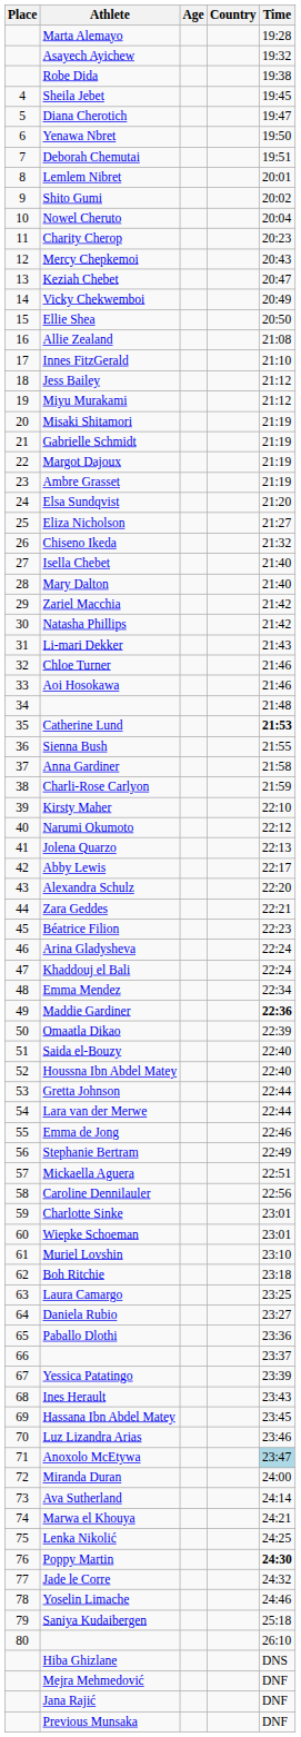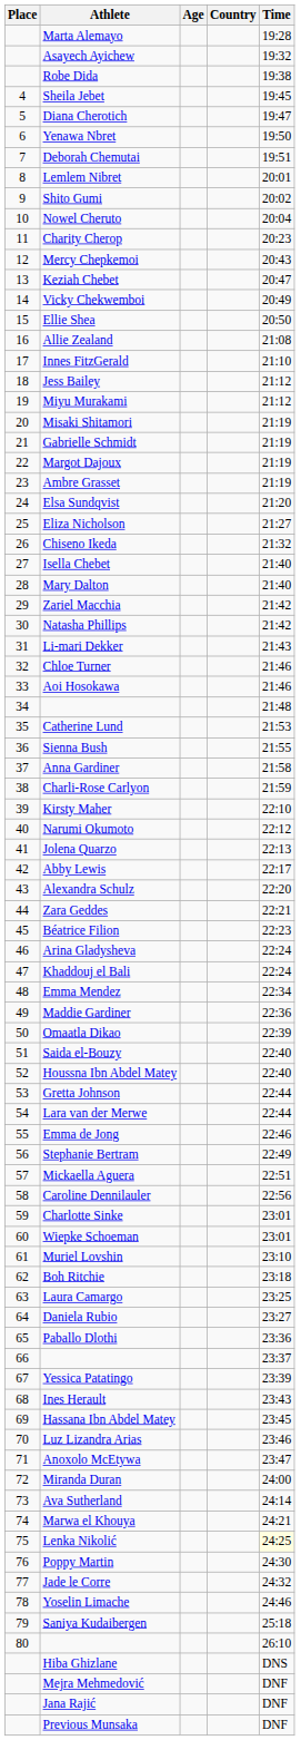 <table class="wikitable mw-datatable sortable">
 <tr>
 <th>Place</th>
 <th>Athlete</th>
 <th>Age</th>
 <th>Country</th>
 <th>Time</th>
 </tr>
 <tr>
 <td align=center></td>
 <td><a href='#'>Marta Alemayo</a></td>
 <td></td>
 <td></td>
 <td>19:28</td>
 </tr>
 <tr>
 <td align=center></td>
 <td><a href='#'>Asayech Ayichew</a></td>
 <td></td>
 <td></td>
 <td>19:32</td>
 </tr>
 <tr>
 <td align=center></td>
 <td><a href='#'>Robe Dida</a></td>
 <td></td>
 <td></td>
 <td>19:38</td>
 </tr>
 <tr>
 <td align=center>4</td>
 <td><a href='#'>Sheila Jebet</a></td>
 <td></td>
 <td></td>
 <td>19:45</td>
 </tr>
 <tr>
 <td align=center>5</td>
 <td><a href='#'>Diana Cherotich</a></td>
 <td></td>
 <td></td>
 <td>19:47</td>
 </tr>
 <tr>
 <td align=center>6</td>
 <td><a href='#'>Yenawa Nbret</a></td>
 <td></td>
 <td></td>
 <td>19:50</td>
 </tr>
 <tr>
 <td align=center>7</td>
 <td><a href='#'>Deborah Chemutai</a></td>
 <td></td>
 <td></td>
 <td>19:51</td>
 </tr>
 <tr>
 <td align=center>8</td>
 <td><a href='#'>Lemlem Nibret</a></td>
 <td></td>
 <td></td>
 <td>20:01</td>
 </tr>
 <tr>
 <td align=center>9</td>
 <td><a href='#'>Shito Gumi</a></td>
 <td></td>
 <td></td>
 <td>20:02</td>
 </tr>
 <tr>
 <td align=center>10</td>
 <td><a href='#'>Nowel Cheruto</a></td>
 <td></td>
 <td></td>
 <td>20:04</td>
 </tr>
 <tr>
 <td align=center>11</td>
 <td><a href='#'>Charity Cherop</a></td>
 <td></td>
 <td></td>
 <td>20:23</td>
 </tr>
 <tr>
 <td align=center>12</td>
 <td><a href='#'>Mercy Chepkemoi</a></td>
 <td></td>
 <td></td>
 <td>20:43</td>
 </tr>
 <tr>
 <td align=center>13</td>
 <td><a href='#'>Keziah Chebet</a></td>
 <td></td>
 <td></td>
 <td>20:47</td>
 </tr>
 <tr>
 <td align=center>14</td>
 <td><a href='#'>Vicky Chekwemboi</a></td>
 <td></td>
 <td></td>
 <td>20:49</td>
 </tr>
 <tr>
 <td align=center>15</td>
 <td><a href='#'>Ellie Shea</a></td>
 <td></td>
 <td></td>
 <td>20:50</td>
 </tr>
 <tr>
 <td align=center>16</td>
 <td><a href='#'>Allie Zealand</a></td>
 <td></td>
 <td></td>
 <td>21:08</td>
 </tr>
 <tr>
 <td align=center>17</td>
 <td><a href='#'>Innes FitzGerald</a></td>
 <td></td>
 <td></td>
 <td>21:10</td>
 </tr>
 <tr>
 <td align=center>18</td>
 <td><a href='#'>Jess Bailey</a></td>
 <td></td>
 <td></td>
 <td>21:12</td>
 </tr>
 <tr>
 <td align=center>19</td>
 <td><a href='#'>Miyu Murakami</a></td>
 <td></td>
 <td></td>
 <td>21:12</td>
 </tr>
 <tr>
 <td align=center>20</td>
 <td><a href='#'>Misaki Shitamori</a></td>
 <td></td>
 <td></td>
 <td>21:19</td>
 </tr>
 <tr>
 <td align=center>21</td>
 <td><a href='#'>Gabrielle Schmidt</a></td>
 <td></td>
 <td></td>
 <td>21:19</td>
 </tr>
 <tr>
 <td align=center>22</td>
 <td><a href='#'>Margot Dajoux</a></td>
 <td></td>
 <td></td>
 <td>21:19</td>
 </tr>
 <tr>
 <td align=center>23</td>
 <td><a href='#'>Ambre Grasset</a></td>
 <td></td>
 <td></td>
 <td>21:19</td>
 </tr>
 <tr>
 <td align=center>24</td>
 <td><a href='#'>Elsa Sundqvist</a></td>
 <td></td>
 <td></td>
 <td>21:20</td>
 </tr>
 <tr>
 <td align=center>25</td>
 <td><a href='#'>Eliza Nicholson</a></td>
 <td></td>
 <td></td>
 <td>21:27</td>
 </tr>
 <tr>
 <td align=center>26</td>
 <td><a href='#'>Chiseno Ikeda</a></td>
 <td></td>
 <td></td>
 <td>21:32</td>
 </tr>
 <tr>
 <td align=center>27</td>
 <td><a href='#'>Isella Chebet</a></td>
 <td></td>
 <td></td>
 <td>21:40</td>
 </tr>
 <tr>
 <td align=center>28</td>
 <td><a href='#'>Mary Dalton</a></td>
 <td></td>
 <td></td>
 <td>21:40</td>
 </tr>
 <tr>
 <td align=center>29</td>
 <td><a href='#'>Zariel Macchia</a></td>
 <td></td>
 <td></td>
 <td>21:42</td>
 </tr>
 <tr>
 <td align=center>30</td>
 <td><a href='#'>Natasha Phillips</a></td>
 <td></td>
 <td></td>
 <td>21:42</td>
 </tr>
 <tr>
 <td align=center>31</td>
 <td><a href='#'>Li-mari Dekker</a></td>
 <td></td>
 <td></td>
 <td>21:43</td>
 </tr>
 <tr>
 <td align=center>32</td>
 <td><a href='#'>Chloe Turner</a></td>
 <td></td>
 <td></td>
 <td>21:46</td>
 </tr>
 <tr>
 <td align=center>33</td>
 <td><a href='#'>Aoi Hosokawa</a></td>
 <td></td>
 <td></td>
 <td>21:46</td>
 </tr>
 <tr>
 <td align=center>34</td>
 <td></td>
 <td></td>
 <td></td>
 <td>21:48</td>
 </tr>
 <tr>
 <td align=center>35</td>
 <td><a href='#'>Catherine Lund</a></td>
 <td></td>
 <td></td>
-<td><strong>21:53</strong></td>
+<td>21:53</td>
 </tr>
 <tr>
 <td align=center>36</td>
 <td><a href='#'>Sienna Bush</a></td>
 <td></td>
 <td></td>
 <td>21:55</td>
 </tr>
 <tr>
 <td align=center>37</td>
 <td><a href='#'>Anna Gardiner</a></td>
 <td></td>
 <td></td>
 <td>21:58</td>
 </tr>
 <tr>
 <td align=center>38</td>
 <td><a href='#'>Charli-Rose Carlyon</a></td>
 <td></td>
 <td></td>
 <td>21:59</td>
 </tr>
 <tr>
 <td align=center>39</td>
 <td><a href='#'>Kirsty Maher</a></td>
 <td></td>
 <td></td>
 <td>22:10</td>
 </tr>
 <tr>
 <td align=center>40</td>
 <td><a href='#'>Narumi Okumoto</a></td>
 <td></td>
 <td></td>
 <td>22:12</td>
 </tr>
 <tr>
 <td align=center>41</td>
 <td><a href='#'>Jolena Quarzo</a></td>
 <td></td>
 <td></td>
 <td>22:13</td>
 </tr>
 <tr>
 <td align=center>42</td>
 <td><a href='#'>Abby Lewis</a></td>
 <td></td>
 <td></td>
 <td>22:17</td>
 </tr>
 <tr>
 <td align=center>43</td>
 <td><a href='#'>Alexandra Schulz</a></td>
 <td></td>
 <td></td>
 <td>22:20</td>
 </tr>
 <tr>
 <td align=center>44</td>
 <td><a href='#'>Zara Geddes</a></td>
 <td></td>
 <td></td>
 <td>22:21</td>
 </tr>
 <tr>
 <td align=center>45</td>
 <td><a href='#'>Béatrice Filion</a></td>
 <td></td>
 <td></td>
 <td>22:23</td>
 </tr>
 <tr>
 <td align=center>46</td>
 <td><a href='#'>Arina Gladysheva</a></td>
 <td></td>
 <td></td>
 <td>22:24</td>
 </tr>
 <tr>
 <td align=center>47</td>
 <td><a href='#'>Khaddouj el Bali</a></td>
 <td></td>
 <td></td>
 <td>22:24</td>
 </tr>
 <tr>
 <td align=center>48</td>
 <td><a href='#'>Emma Mendez</a></td>
 <td></td>
 <td></td>
 <td>22:34</td>
 </tr>
 <tr>
 <td align=center>49</td>
 <td><a href='#'>Maddie Gardiner</a></td>
 <td></td>
 <td></td>
-<td><strong>22:36</strong></td>
+<td>22:36</td>
 </tr>
 <tr>
 <td align=center>50</td>
 <td><a href='#'>Omaatla Dikao</a></td>
 <td></td>
 <td></td>
 <td>22:39</td>
 </tr>
 <tr>
 <td align=center>51</td>
 <td><a href='#'>Saida el-Bouzy</a></td>
 <td></td>
 <td></td>
 <td>22:40</td>
 </tr>
 <tr>
 <td align=center>52</td>
 <td><a href='#'>Houssna Ibn Abdel Matey</a></td>
 <td></td>
 <td></td>
 <td>22:40</td>
 </tr>
 <tr>
 <td align=center>53</td>
 <td><a href='#'>Gretta Johnson</a></td>
 <td></td>
 <td></td>
 <td>22:44</td>
 </tr>
 <tr>
 <td align=center>54</td>
 <td><a href='#'>Lara van der Merwe</a></td>
 <td></td>
 <td></td>
 <td>22:44</td>
 </tr>
 <tr>
 <td align=center>55</td>
 <td><a href='#'>Emma de Jong</a></td>
 <td></td>
 <td></td>
 <td>22:46</td>
 </tr>
 <tr>
 <td align=center>56</td>
 <td><a href='#'>Stephanie Bertram</a></td>
 <td></td>
 <td></td>
 <td>22:49</td>
 </tr>
 <tr>
 <td align=center>57</td>
 <td><a href='#'>Mickaella Aguera</a></td>
 <td></td>
 <td></td>
 <td>22:51</td>
 </tr>
 <tr>
 <td align=center>58</td>
 <td><a href='#'>Caroline Dennilauler</a></td>
 <td></td>
 <td></td>
 <td>22:56</td>
 </tr>
 <tr>
 <td align=center>59</td>
 <td><a href='#'>Charlotte Sinke</a></td>
 <td></td>
 <td></td>
 <td>23:01</td>
 </tr>
 <tr>
 <td align=center>60</td>
 <td><a href='#'>Wiepke Schoeman</a></td>
 <td></td>
 <td></td>
 <td>23:01</td>
 </tr>
 <tr>
 <td align=center>61</td>
 <td><a href='#'>Muriel Lovshin</a></td>
 <td></td>
 <td></td>
 <td>23:10</td>
 </tr>
 <tr>
 <td align=center>62</td>
 <td><a href='#'>Boh Ritchie</a></td>
 <td></td>
 <td></td>
 <td>23:18</td>
 </tr>
 <tr>
 <td align=center>63</td>
 <td><a href='#'>Laura Camargo</a></td>
 <td></td>
 <td></td>
 <td>23:25</td>
 </tr>
 <tr>
 <td align=center>64</td>
 <td><a href='#'>Daniela Rubio</a></td>
 <td></td>
 <td></td>
 <td>23:27</td>
 </tr>
 <tr>
 <td align=center>65</td>
 <td><a href='#'>Paballo Dlothi</a></td>
 <td></td>
 <td></td>
 <td>23:36</td>
 </tr>
 <tr>
 <td align=center>66</td>
 <td></td>
 <td></td>
 <td></td>
 <td>23:37</td>
 </tr>
 <tr>
 <td align=center>67</td>
 <td><a href='#'>Yessica Patatingo</a></td>
 <td></td>
 <td></td>
 <td>23:39</td>
 </tr>
 <tr>
 <td align=center>68</td>
 <td><a href='#'>Ines Herault</a></td>
 <td></td>
 <td></td>
 <td>23:43</td>
 </tr>
 <tr>
 <td align=center>69</td>
 <td><a href='#'>Hassana Ibn Abdel Matey</a></td>
 <td></td>
 <td></td>
 <td>23:45</td>
 </tr>
 <tr>
 <td align=center>70</td>
 <td><a href='#'>Luz Lizandra Arias</a></td>
 <td></td>
 <td></td>
 <td>23:46</td>
 </tr>
 <tr>
 <td align=center>71</td>
 <td><a href='#'>Anoxolo McEtywa</a></td>
 <td></td>
 <td></td>
-<td style="background: lightblue;">23:47</td>
+<td>23:47</td>
 </tr>
 <tr>
 <td align=center>72</td>
 <td><a href='#'>Miranda Duran</a></td>
 <td></td>
 <td></td>
 <td>24:00</td>
 </tr>
 <tr>
 <td align=center>73</td>
 <td><a href='#'>Ava Sutherland</a></td>
 <td></td>
 <td></td>
 <td>24:14</td>
 </tr>
 <tr>
 <td align=center>74</td>
 <td><a href='#'>Marwa el Khouya</a></td>
 <td></td>
 <td></td>
 <td>24:21</td>
 </tr>
 <tr>
 <td align=center>75</td>
 <td><a href='#'>Lenka Nikolić</a></td>
 <td></td>
 <td></td>
-<td>24:25</td>
+<td style="background: lightyellow;">24:25</td>
 </tr>
 <tr>
 <td align=center>76</td>
 <td><a href='#'>Poppy Martin</a></td>
 <td></td>
 <td></td>
-<td><strong>24:30</strong></td>
+<td>24:30</td>
 </tr>
 <tr>
 <td align=center>77</td>
 <td><a href='#'>Jade le Corre</a></td>
 <td></td>
 <td></td>
 <td>24:32</td>
 </tr>
 <tr>
 <td align=center>78</td>
 <td><a href='#'>Yoselin Limache</a></td>
 <td></td>
 <td></td>
 <td>24:46</td>
 </tr>
 <tr>
 <td align=center>79</td>
 <td><a href='#'>Saniya Kudaibergen</a></td>
 <td></td>
 <td></td>
 <td>25:18</td>
 </tr>
 <tr>
 <td align=center>80</td>
 <td></td>
 <td></td>
 <td></td>
 <td>26:10</td>
 </tr>
 <tr>
 <td align=center></td>
 <td><a href='#'>Hiba Ghizlane</a></td>
 <td></td>
 <td></td>
 <td>DNS</td>
 </tr>
 <tr>
 <td align=center></td>
 <td><a href='#'>Mejra Mehmedović</a></td>
 <td></td>
 <td></td>
 <td>DNF</td>
 </tr>
 <tr>
 <td align=center></td>
 <td><a href='#'>Jana Rajić</a></td>
 <td></td>
 <td></td>
 <td>DNF</td>
 </tr>
 <tr>
 <td align=center></td>
 <td><a href='#'>Previous Munsaka</a></td>
 <td></td>
 <td></td>
 <td>DNF</td>
 </tr>
 </table>
